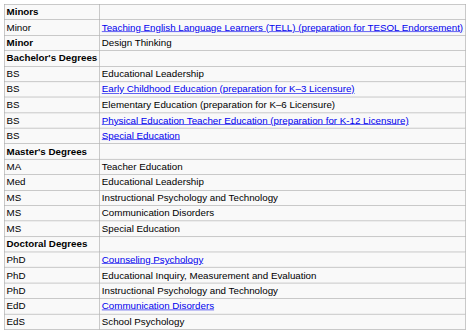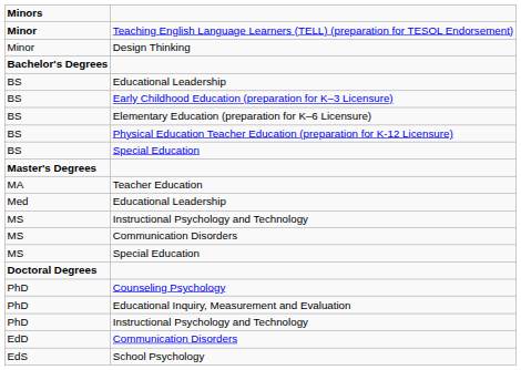 <table class="wikitable">
 <tr>
 <td colspan="1"><strong>Minors</strong></td>
 <td></td>
 </tr>
 <tr>
-<td>Minor</td>
+<td><strong>Minor</strong></td>
 <td><a href='#'>Teaching English Language Learners (TELL) (preparation for TESOL Endorsement)</a></td>
 </tr>
 <tr>
-<td><strong>Minor</strong></td>
+<td>Minor</td>
 <td>Design Thinking</td>
 </tr>
 <tr>
 <td colspan="1"><strong>Bachelor's Degrees</strong></td>
 <td></td>
 </tr>
 <tr>
 <td>BS</td>
 <td>Educational Leadership</td>
 </tr>
 <tr>
 <td>BS</td>
 <td><a href='#'>Early Childhood Education (preparation for K–3 Licensure)</a></td>
 </tr>
 <tr>
 <td>BS</td>
 <td>Elementary Education (preparation for K–6 Licensure)</td>
 </tr>
 <tr>
 <td>BS</td>
 <td><a href='#'>Physical Education Teacher Education (preparation for K-12 Licensure)</a></td>
 </tr>
 <tr>
 <td>BS</td>
 <td><a href='#'>Special Education</a></td>
 </tr>
 <tr>
 <td colspan="1"><strong>Master's Degrees</strong></td>
 <td></td>
 </tr>
 <tr>
 <td>MA</td>
 <td>Teacher Education</td>
 </tr>
 <tr>
 <td>Med</td>
 <td>Educational Leadership</td>
 </tr>
 <tr>
 <td>MS</td>
 <td>Instructional Psychology and Technology</td>
 </tr>
 <tr>
 <td>MS</td>
 <td>Communication Disorders</td>
 </tr>
 <tr>
 <td>MS</td>
 <td>Special Education</td>
 </tr>
 <tr>
 <td colspan="1"><strong>Doctoral Degrees</strong></td>
 <td></td>
 </tr>
 <tr>
 <td>PhD</td>
 <td><a href='#'>Counseling Psychology</a></td>
 </tr>
 <tr>
 <td>PhD</td>
 <td>Educational Inquiry, Measurement and Evaluation</td>
 </tr>
 <tr>
 <td>PhD</td>
 <td>Instructional Psychology and Technology</td>
 </tr>
 <tr>
 <td>EdD</td>
 <td><a href='#'>Communication Disorders</a></td>
 </tr>
 <tr>
 <td>EdS</td>
 <td>School Psychology</td>
 </tr>
 </table>
